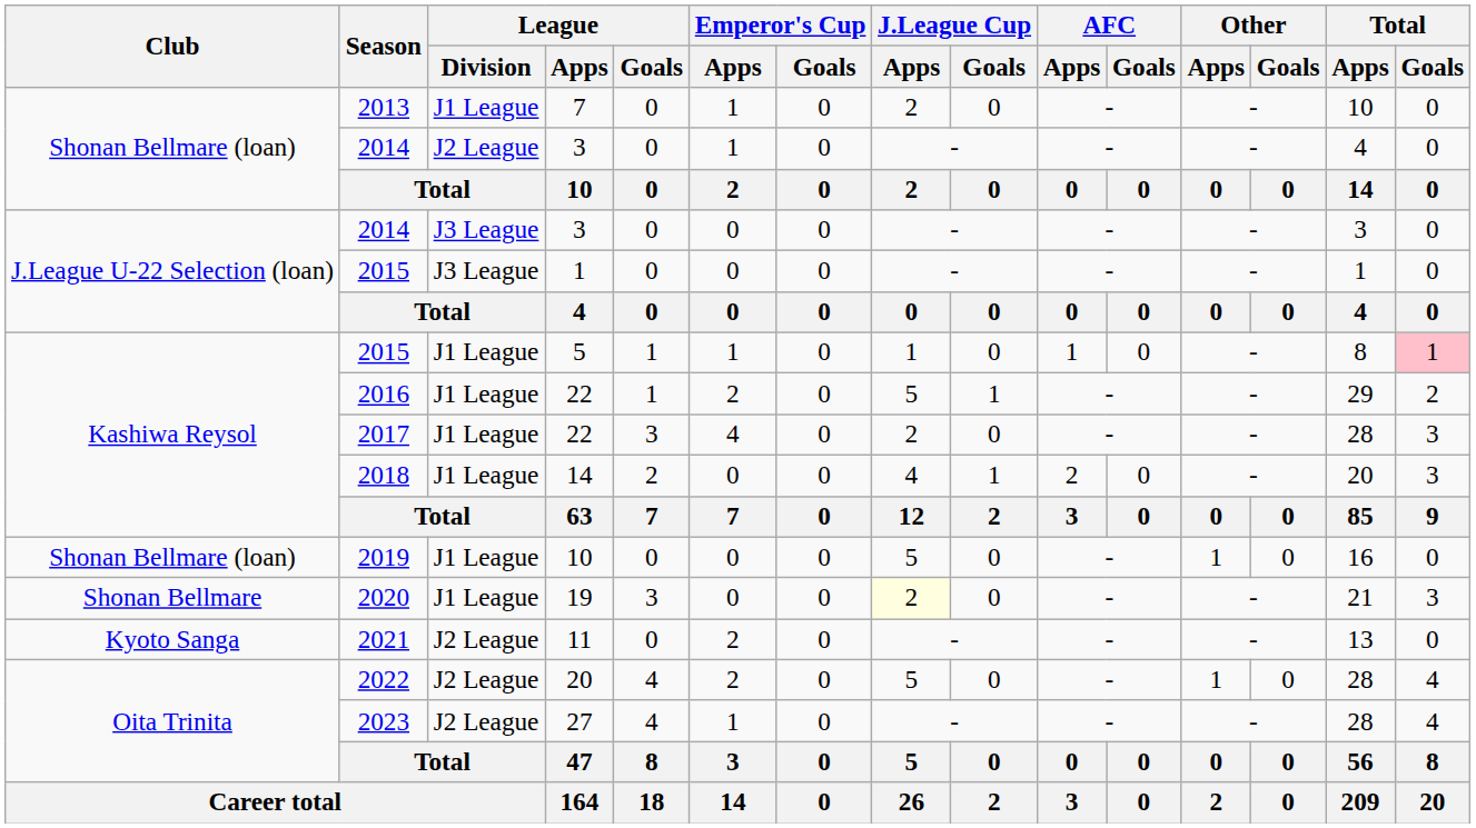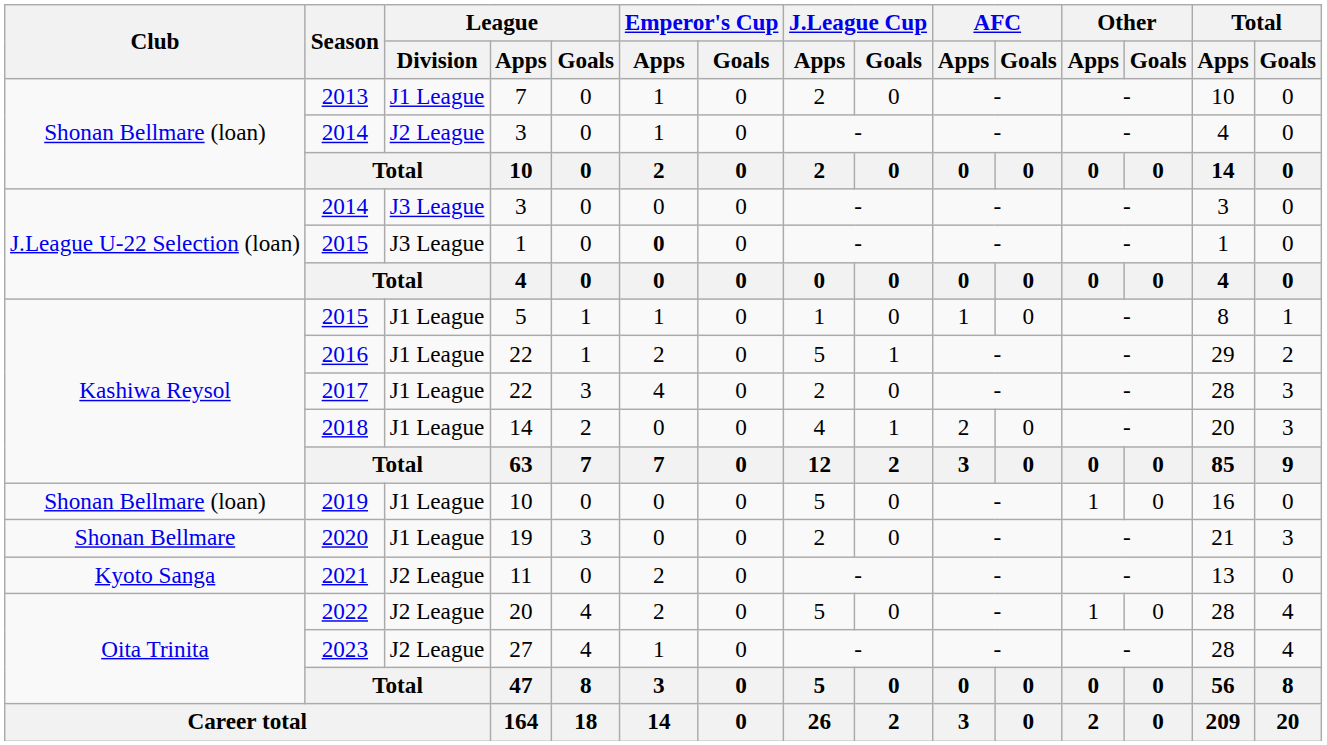 <table class="wikitable" style="text-align:center;">
 <tr>
 <th rowspan="2">Club</th>
 <th rowspan="2">Season</th>
 <th colspan="3">League</th>
 <th colspan="2"><a href='#'>Emperor's Cup</a></th>
 <th colspan="2"><a href='#'>J.League Cup</a></th>
 <th colspan="2"><a href='#'>AFC</a></th>
 <th colspan="2">Other</th>
 <th colspan="2">Total</th>
 </tr>
 <tr>
 <th>Division</th>
 <th>Apps</th>
 <th>Goals</th>
 <th>Apps</th>
 <th>Goals</th>
 <th>Apps</th>
 <th>Goals</th>
 <th>Apps</th>
 <th>Goals</th>
 <th>Apps</th>
 <th>Goals</th>
 <th>Apps</th>
 <th>Goals</th>
 </tr>
 <tr>
 <td rowspan="3"><a href='#'>Shonan Bellmare</a> (loan)</td>
 <td><a href='#'>2013</a></td>
 <td><a href='#'>J1 League</a></td>
 <td>7</td>
 <td>0</td>
 <td>1</td>
 <td>0</td>
 <td>2</td>
 <td>0</td>
 <td colspan="2">-</td>
 <td colspan="2">-</td>
 <td>10</td>
 <td>0</td>
 </tr>
 <tr>
 <td><a href='#'>2014</a></td>
 <td><a href='#'>J2 League</a></td>
 <td>3</td>
 <td>0</td>
 <td>1</td>
 <td>0</td>
 <td colspan="2">-</td>
 <td colspan="2">-</td>
 <td colspan="2">-</td>
 <td>4</td>
 <td>0</td>
 </tr>
 <tr>
 <th colspan="2">Total</th>
 <th>10</th>
 <th>0</th>
 <th>2</th>
 <th>0</th>
 <th>2</th>
 <th>0</th>
 <th>0</th>
 <th>0</th>
 <th>0</th>
 <th>0</th>
 <th>14</th>
 <th>0</th>
 </tr>
 <tr>
 <td rowspan="3"><a href='#'>J.League U-22 Selection</a> (loan)</td>
 <td><a href='#'>2014</a></td>
 <td><a href='#'>J3 League</a></td>
 <td>3</td>
 <td>0</td>
 <td>0</td>
 <td>0</td>
 <td colspan="2">-</td>
 <td colspan="2">-</td>
 <td colspan="2">-</td>
 <td>3</td>
 <td>0</td>
 </tr>
 <tr>
 <td><a href='#'>2015</a></td>
 <td>J3 League</td>
 <td>1</td>
 <td>0</td>
-<td>0</td>
+<td><strong>0</strong></td>
 <td>0</td>
 <td colspan="2">-</td>
 <td colspan="2">-</td>
 <td colspan="2">-</td>
 <td>1</td>
 <td>0</td>
 </tr>
 <tr>
 <th colspan="2">Total</th>
 <th>4</th>
 <th>0</th>
 <th>0</th>
 <th>0</th>
 <th>0</th>
 <th>0</th>
 <th>0</th>
 <th>0</th>
 <th>0</th>
 <th>0</th>
 <th>4</th>
 <th>0</th>
 </tr>
 <tr>
 <td rowspan="5"><a href='#'>Kashiwa Reysol</a></td>
 <td><a href='#'>2015</a></td>
 <td>J1 League</td>
 <td>5</td>
 <td>1</td>
 <td>1</td>
 <td>0</td>
 <td>1</td>
 <td>0</td>
 <td>1</td>
 <td>0</td>
 <td colspan="2">-</td>
 <td>8</td>
-<td style="background: pink;">1</td>
+<td>1</td>
 </tr>
 <tr>
 <td><a href='#'>2016</a></td>
 <td>J1 League</td>
 <td>22</td>
 <td>1</td>
 <td>2</td>
 <td>0</td>
 <td>5</td>
 <td>1</td>
 <td colspan="2">-</td>
 <td colspan="2">-</td>
 <td>29</td>
 <td>2</td>
 </tr>
 <tr>
 <td><a href='#'>2017</a></td>
 <td>J1 League</td>
 <td>22</td>
 <td>3</td>
 <td>4</td>
 <td>0</td>
 <td>2</td>
 <td>0</td>
 <td colspan="2">-</td>
 <td colspan="2">-</td>
 <td>28</td>
 <td>3</td>
 </tr>
 <tr>
 <td><a href='#'>2018</a></td>
 <td>J1 League</td>
 <td>14</td>
 <td>2</td>
 <td>0</td>
 <td>0</td>
 <td>4</td>
 <td>1</td>
 <td>2</td>
 <td>0</td>
 <td colspan="2">-</td>
 <td>20</td>
 <td>3</td>
 </tr>
 <tr>
 <th colspan="2">Total</th>
 <th>63</th>
 <th>7</th>
 <th>7</th>
 <th>0</th>
 <th>12</th>
 <th>2</th>
 <th>3</th>
 <th>0</th>
 <th>0</th>
 <th>0</th>
 <th>85</th>
 <th>9</th>
 </tr>
 <tr>
 <td><a href='#'>Shonan Bellmare</a> (loan)</td>
 <td><a href='#'>2019</a></td>
 <td>J1 League</td>
 <td>10</td>
 <td>0</td>
 <td>0</td>
 <td>0</td>
 <td>5</td>
 <td>0</td>
 <td colspan="2">-</td>
 <td>1</td>
 <td>0</td>
 <td>16</td>
 <td>0</td>
 </tr>
 <tr>
 <td><a href='#'>Shonan Bellmare</a></td>
 <td><a href='#'>2020</a></td>
 <td>J1 League</td>
 <td>19</td>
 <td>3</td>
 <td>0</td>
 <td>0</td>
-<td style="background: lightyellow;">2</td>
+<td>2</td>
 <td>0</td>
 <td colspan="2">-</td>
 <td colspan="2">-</td>
 <td>21</td>
 <td>3</td>
 </tr>
 <tr>
 <td><a href='#'>Kyoto Sanga</a></td>
 <td><a href='#'>2021</a></td>
 <td>J2 League</td>
 <td>11</td>
 <td>0</td>
 <td>2</td>
 <td>0</td>
 <td colspan="2">-</td>
 <td colspan="2">-</td>
 <td colspan="2">-</td>
 <td>13</td>
 <td>0</td>
 </tr>
 <tr>
 <td rowspan="3"><a href='#'>Oita Trinita</a></td>
 <td><a href='#'>2022</a></td>
 <td>J2 League</td>
 <td>20</td>
 <td>4</td>
 <td>2</td>
 <td>0</td>
 <td>5</td>
 <td>0</td>
 <td colspan="2">-</td>
 <td>1</td>
 <td>0</td>
 <td>28</td>
 <td>4</td>
 </tr>
 <tr>
 <td><a href='#'>2023</a></td>
 <td>J2 League</td>
 <td>27</td>
 <td>4</td>
 <td>1</td>
 <td>0</td>
 <td colspan="2">-</td>
 <td colspan="2">-</td>
 <td colspan="2">-</td>
 <td>28</td>
 <td>4</td>
 </tr>
 <tr>
 <th colspan="2">Total</th>
 <th>47</th>
 <th>8</th>
 <th>3</th>
 <th>0</th>
 <th>5</th>
 <th>0</th>
 <th>0</th>
 <th>0</th>
 <th>0</th>
 <th>0</th>
 <th>56</th>
 <th>8</th>
 </tr>
 <tr>
 <th colspan="3">Career total</th>
 <th>164</th>
 <th>18</th>
 <th>14</th>
 <th>0</th>
 <th>26</th>
 <th>2</th>
 <th>3</th>
 <th>0</th>
 <th>2</th>
 <th>0</th>
 <th>209</th>
 <th>20</th>
 </tr>
 </table>
